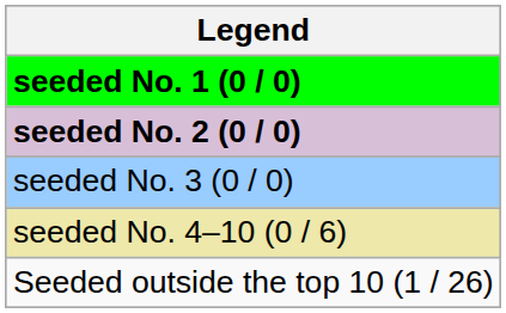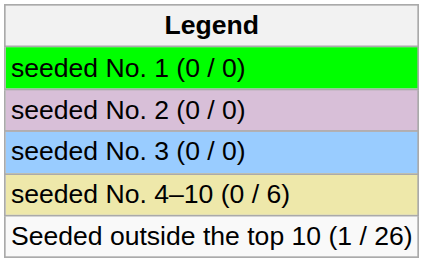 <table class=wikitable>
 <tr>
 <th>Legend</th>
 </tr>
 <tr bgcolor=lime>
-<td><strong>seeded No. 1 (0 / 0)</strong></td>
+<td>seeded No. 1 (0 / 0)</td>
 </tr>
 <tr bgcolor=thistle>
-<td><strong>seeded No. 2 (0 / 0)</strong></td>
+<td>seeded No. 2 (0 / 0)</td>
 </tr>
 <tr bgcolor=99ccff>
 <td>seeded No. 3 (0 / 0)</td>
 </tr>
 <tr bgcolor=eee8aa>
 <td>seeded No. 4–10 (0 / 6)</td>
 </tr>
 <tr>
 <td>Seeded outside the top 10 (1 / 26)</td>
 </tr>
 </table>
